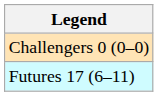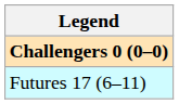 <table class=wikitable style=font-size:97%>
 <tr>
 <th>Legend</th>
 </tr>
 <tr style="background:moccasin;">
-<td>Challengers 0 (0–0)</td>
+<td><strong>Challengers 0 (0–0)</strong></td>
 </tr>
 <tr style="background:#cffcff;">
 <td>Futures 17 (6–11)</td>
 </tr>
 </table>
